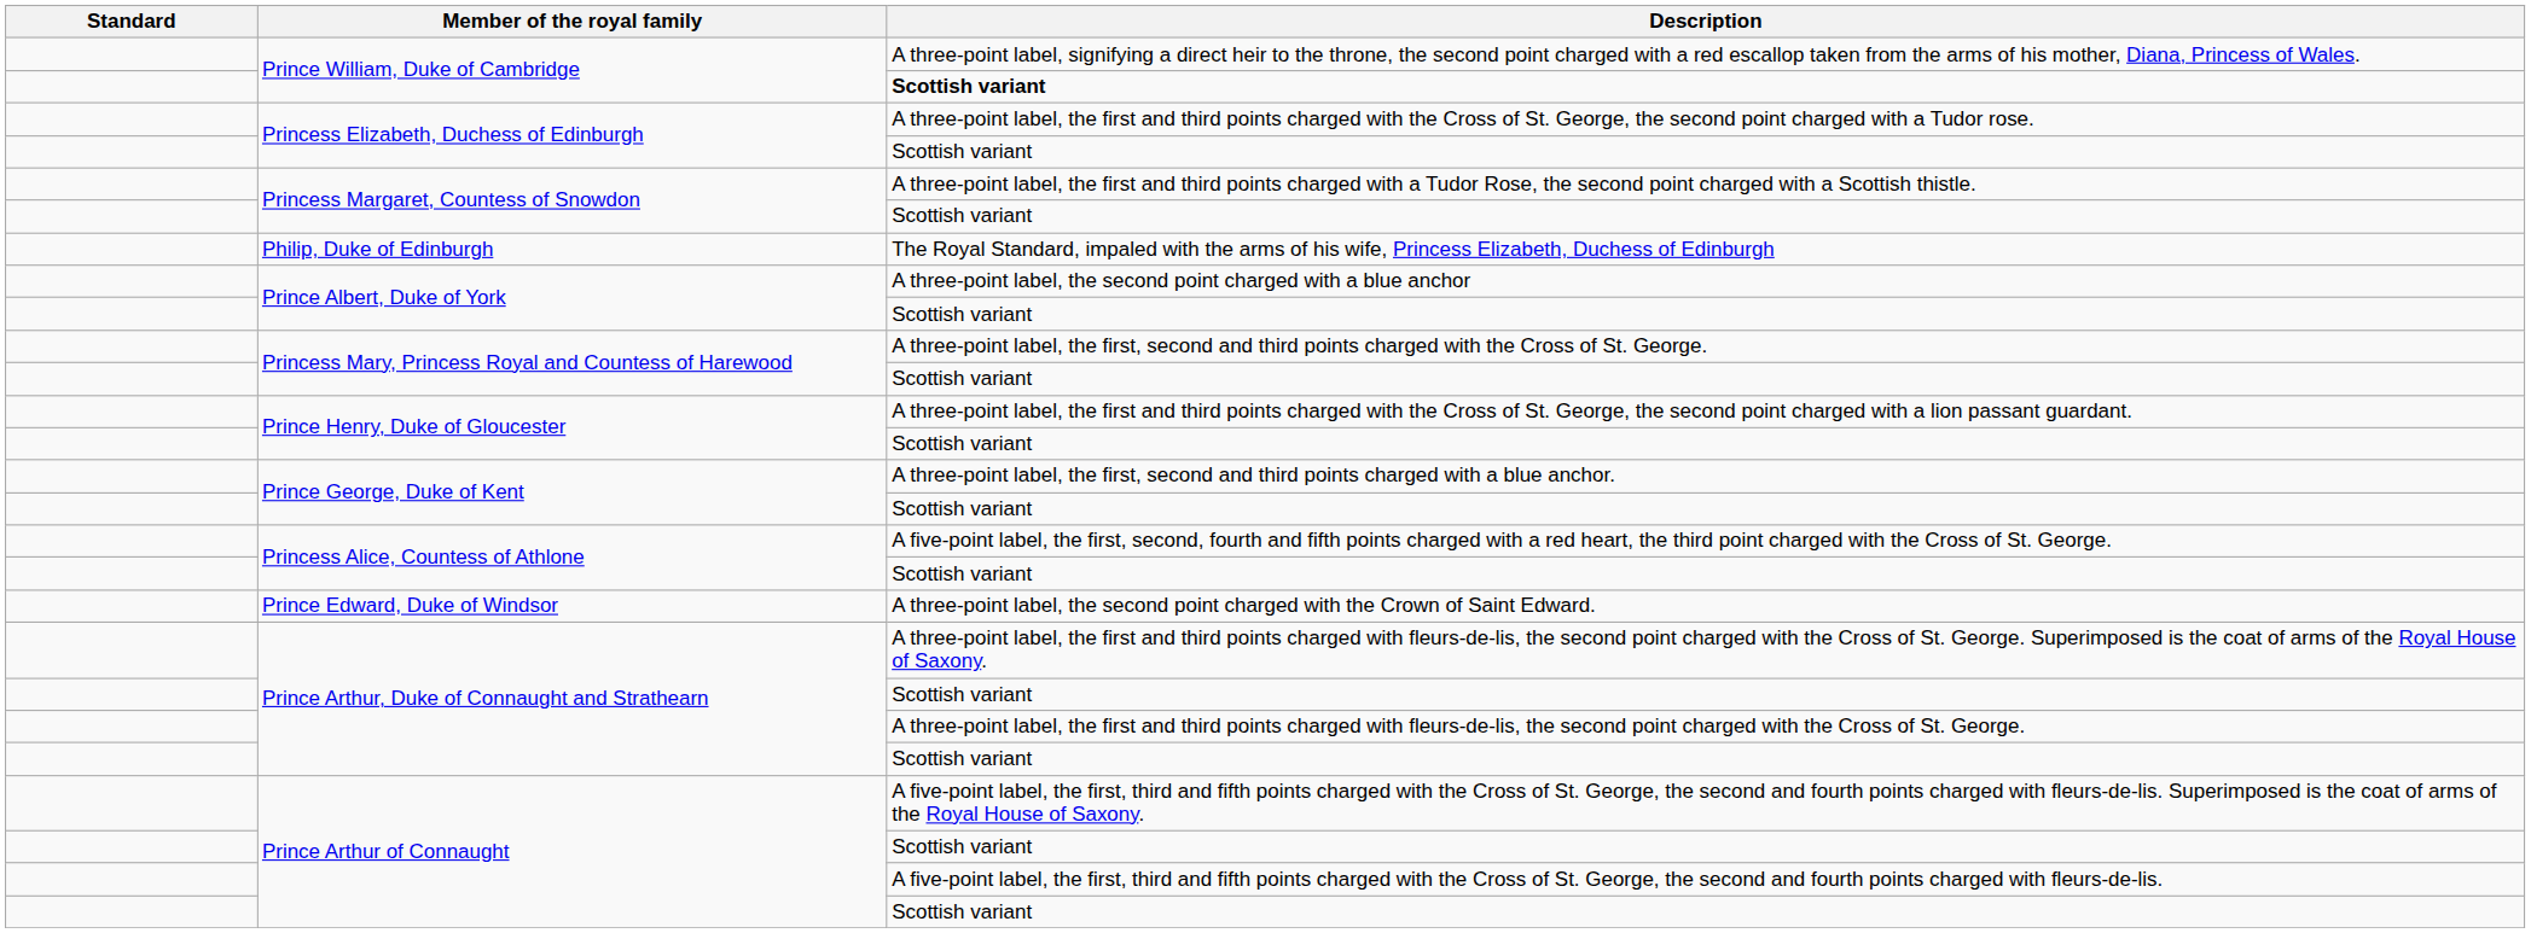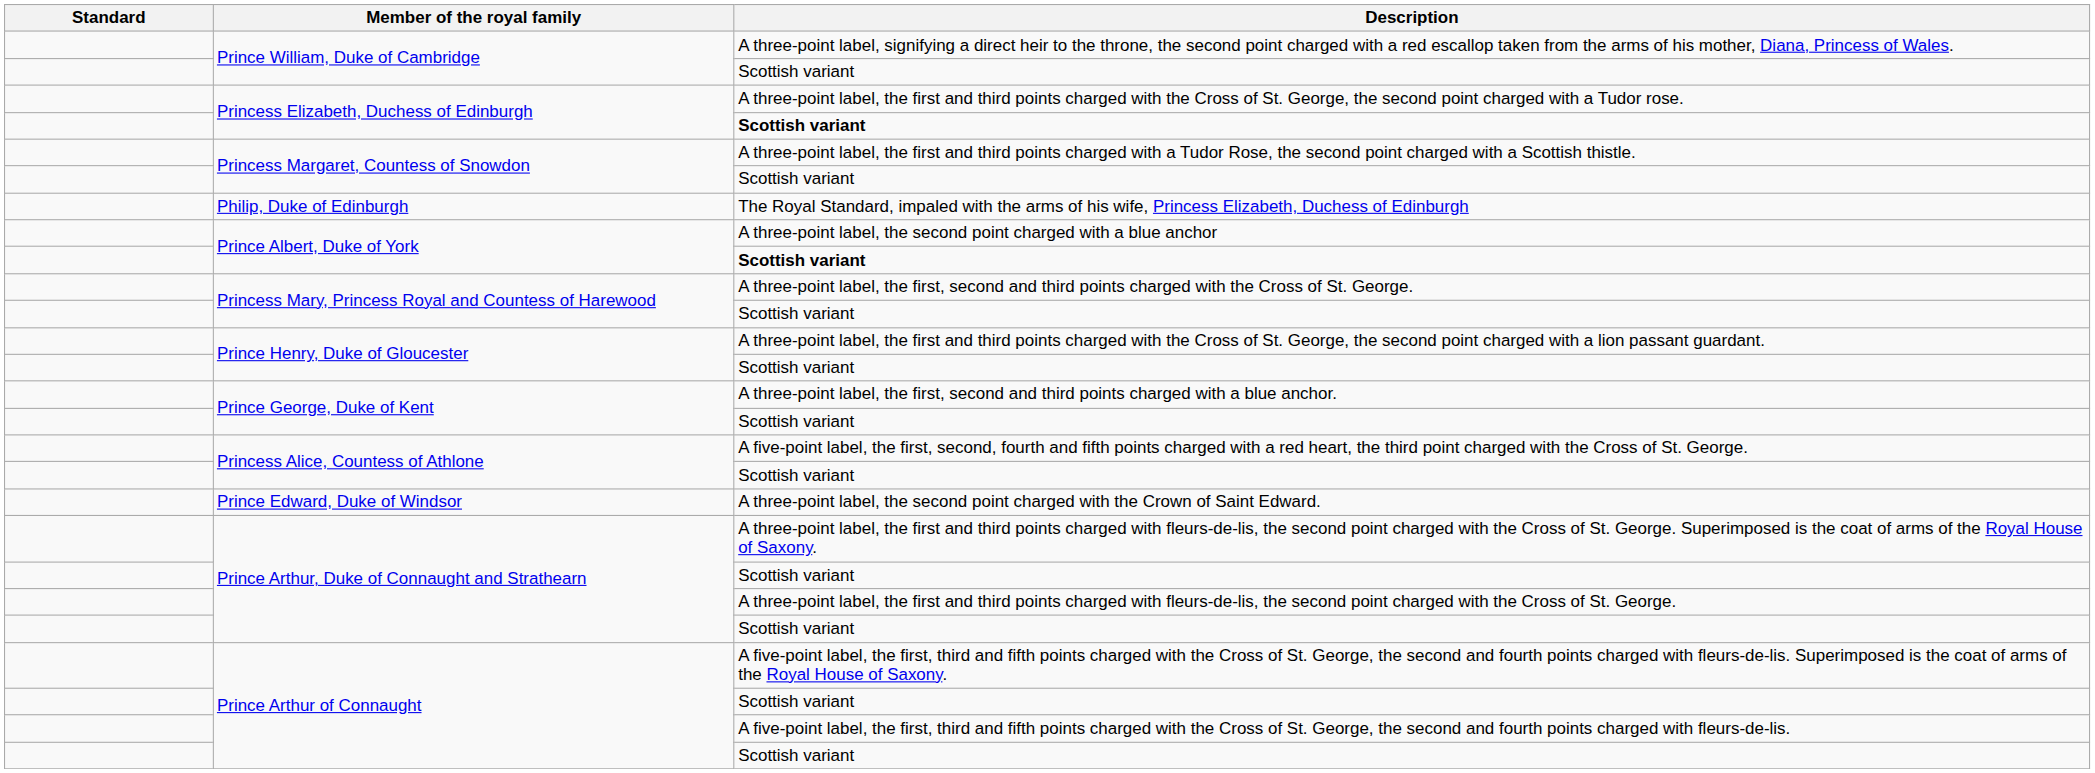 <table class="wikitable">
 <tr style="background:#efefef;">
 <th style="width:10%;">Standard</th>
 <th style="width:25%;">Member of the royal family</th>
 <th style="width:65%;">Description</th>
 </tr>
 <tr>
 <td></td>
 <td rowspan="2"><a href='#'>Prince William, Duke of Cambridge</a></td>
 <td>A three-point label, signifying a direct heir to the throne, the second point charged with a red escallop taken from the arms of his mother, <a href='#'>Diana, Princess of Wales</a>.</td>
 </tr>
 <tr>
 <td></td>
-<td><strong>Scottish variant</strong></td>
+<td>Scottish variant</td>
 </tr>
 <tr>
 <td></td>
 <td rowspan="2"><a href='#'>Princess Elizabeth, Duchess of Edinburgh</a></td>
 <td>A three-point label, the first and third points charged with the Cross of St. George, the second point charged with a Tudor rose.</td>
 </tr>
 <tr>
 <td></td>
-<td>Scottish variant</td>
+<td><strong>Scottish variant</strong></td>
 </tr>
 <tr>
 <td></td>
 <td rowspan="2"><a href='#'>Princess Margaret, Countess of Snowdon</a></td>
 <td>A three-point label, the first and third points charged with a Tudor Rose, the second point charged with a Scottish thistle.</td>
 </tr>
 <tr>
 <td></td>
 <td>Scottish variant</td>
 </tr>
 <tr>
 <td></td>
 <td><a href='#'>Philip, Duke of Edinburgh</a></td>
 <td>The Royal Standard, impaled with the arms of his wife, <a href='#'>Princess Elizabeth, Duchess of Edinburgh</a></td>
 </tr>
 <tr>
 <td></td>
 <td rowspan="2"><a href='#'>Prince Albert, Duke of York</a></td>
 <td>A three-point label, the second point charged with a blue anchor</td>
 </tr>
 <tr>
 <td></td>
-<td>Scottish variant</td>
+<td><strong>Scottish variant</strong></td>
 </tr>
 <tr>
 <td></td>
 <td rowspan="2"><a href='#'>Princess Mary, Princess Royal and Countess of Harewood</a></td>
 <td>A three-point label, the first, second and third points charged with the Cross of St. George.</td>
 </tr>
 <tr>
 <td></td>
 <td>Scottish variant</td>
 </tr>
 <tr>
 <td></td>
 <td rowspan="2"><a href='#'>Prince Henry, Duke of Gloucester</a></td>
 <td>A three-point label, the first and third points charged with the Cross of St. George, the second point charged with a lion passant guardant.</td>
 </tr>
 <tr>
 <td></td>
 <td>Scottish variant</td>
 </tr>
 <tr>
 <td></td>
 <td rowspan="2"><a href='#'>Prince George, Duke of Kent</a></td>
 <td>A three-point label, the first, second and third points charged with a blue anchor.</td>
 </tr>
 <tr>
 <td></td>
 <td>Scottish variant</td>
 </tr>
 <tr>
 <td></td>
 <td rowspan="2"><a href='#'>Princess Alice, Countess of Athlone</a></td>
 <td>A five-point label, the first, second, fourth and fifth points charged with a red heart, the third point charged with the Cross of St. George.</td>
 </tr>
 <tr>
 <td></td>
 <td>Scottish variant</td>
 </tr>
 <tr>
 <td></td>
 <td><a href='#'>Prince Edward, Duke of Windsor</a></td>
 <td>A three-point label, the second point charged with the Crown of Saint Edward.</td>
 </tr>
 <tr>
 <td></td>
 <td rowspan="4"><a href='#'>Prince Arthur, Duke of Connaught and Strathearn</a></td>
 <td>A three-point label, the first and third points charged with fleurs-de-lis, the second point charged with the Cross of St. George.  Superimposed is the coat of arms of the <a href='#'>Royal House of Saxony</a>.</td>
 </tr>
 <tr>
 <td></td>
 <td>Scottish variant</td>
 </tr>
 <tr>
 <td></td>
 <td>A three-point label, the first and third points charged with fleurs-de-lis, the second point charged with the Cross of St. George.</td>
 </tr>
 <tr>
 <td></td>
 <td>Scottish variant</td>
 </tr>
 <tr>
 <td></td>
 <td rowspan="4"><a href='#'>Prince Arthur of Connaught</a></td>
 <td>A five-point label, the first, third and fifth points charged with the Cross of St. George, the second and fourth points charged with fleurs-de-lis. Superimposed is the coat of arms of the <a href='#'>Royal House of Saxony</a>.</td>
 </tr>
 <tr>
 <td></td>
 <td>Scottish variant</td>
 </tr>
 <tr>
 <td></td>
 <td>A five-point label, the first, third and fifth points charged with the Cross of St. George, the second and fourth points charged with fleurs-de-lis.</td>
 </tr>
 <tr>
 <td></td>
 <td>Scottish variant</td>
 </tr>
 </table>
